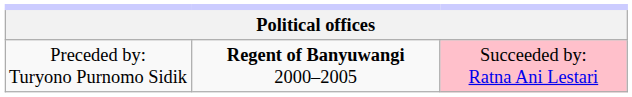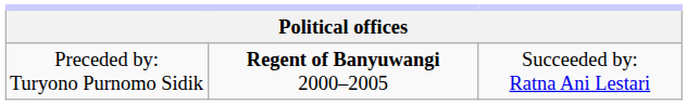 <table class="wikitable succession-box" style="margin: 0.5em auto 12px; font-size: 95%; clear: both;">
 <tr>
 <th colspan="3" id="97" style="border-top: 5px solid #ccccff;">Political offices</th>
 </tr>
 <tr id="100" style="text-align:center;">
 <td align="center" id="101" rowspan="1" width="30%">Preceded by:<br>Turyono Purnomo Sidik</td>
 <td id="104" rowspan="1" style="text-align: center;" width="40%"><strong>Regent of Banyuwangi<br></strong>2000–2005</td>
-<td align="center" id="107" rowspan="1" width="30%" style="background: pink;">Succeeded by:<br><a href='#'>Ratna Ani Lestari</a></td>
+<td align="center" id="107" rowspan="1" width="30%">Succeeded by:<br><a href='#'>Ratna Ani Lestari</a></td>
 </tr>
 </table>
